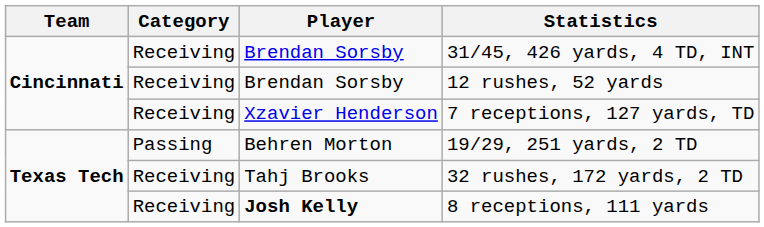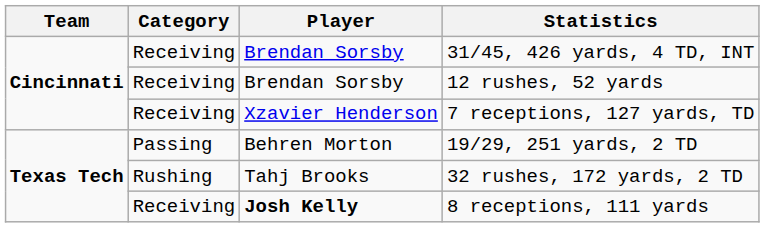 <table class="wikitable" style="float: right;">
 <tr>
 <th>Team</th>
 <th>Category</th>
 <th>Player</th>
 <th>Statistics</th>
 </tr>
 <tr>
 <td rowspan=3><strong>Cincinnati</strong></td>
 <td>Receiving</td>
 <td><a href='#'>Brendan Sorsby</a></td>
 <td>31/45, 426 yards, 4 TD, INT</td>
 </tr>
 <tr>
 <td>Receiving</td>
 <td>Brendan Sorsby</td>
 <td>12 rushes, 52 yards</td>
 </tr>
 <tr>
 <td>Receiving</td>
 <td><a href='#'>Xzavier Henderson</a></td>
 <td>7 receptions, 127 yards, TD</td>
 </tr>
 <tr>
 <td rowspan=3><strong>Texas Tech</strong></td>
 <td>Passing</td>
 <td>Behren Morton</td>
 <td>19/29, 251 yards, 2 TD</td>
 </tr>
 <tr>
-<td>Receiving</td>
+<td>Rushing</td>
 <td>Tahj Brooks</td>
 <td>32 rushes, 172 yards, 2 TD</td>
 </tr>
 <tr>
 <td>Receiving</td>
 <td><strong>Josh Kelly</strong></td>
 <td>8 receptions, 111 yards</td>
 </tr>
 </table>
